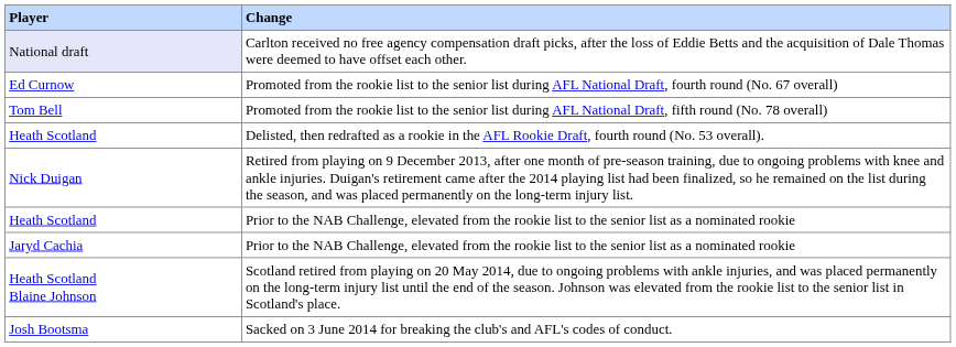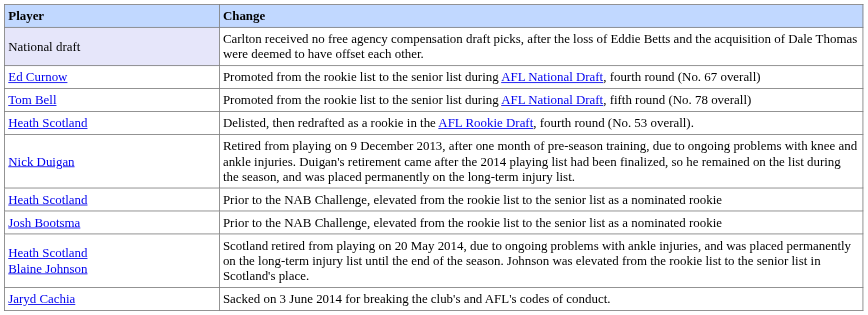 <table border="1" cellpadding="4" cellspacing="0"  style="text-align:left; font-size:95%; border-collapse:collapse; width:80%;">
 <tr style="background:#C1D8FF;">
 <th style="width:25%;">Player</th>
 <th>Change</th>
 </tr>
 <tr>
 <td style="background: lavender;"> National draft</td>
 <td>Carlton received no free agency compensation draft picks, after the loss of Eddie Betts and the acquisition of Dale Thomas were deemed to have offset each other.</td>
 </tr>
 <tr>
 <td> <a href='#'>Ed Curnow</a></td>
 <td>Promoted from the rookie list to the senior list during <a href='#'>AFL National Draft</a>, fourth round (No. 67 overall)</td>
 </tr>
 <tr>
 <td> <a href='#'>Tom Bell</a></td>
 <td>Promoted from the rookie list to the senior list during <a href='#'>AFL National Draft</a>, fifth round (No. 78 overall)</td>
 </tr>
 <tr>
 <td> <a href='#'>Heath Scotland</a></td>
 <td>Delisted, then redrafted as a rookie in the <a href='#'>AFL Rookie Draft</a>, fourth round (No. 53 overall).</td>
 </tr>
 <tr>
 <td> <a href='#'>Nick Duigan</a></td>
 <td>Retired from playing on 9 December 2013, after one month of pre-season training, due to ongoing problems with knee and ankle injuries. Duigan's retirement came after the 2014 playing list had been finalized, so he remained on the list during the season, and was placed permanently on the long-term injury list.</td>
 </tr>
 <tr>
 <td> <a href='#'>Heath Scotland</a></td>
 <td>Prior to the NAB Challenge, elevated from the rookie list to the senior list as a nominated rookie</td>
 </tr>
 <tr>
-<td> <a href='#'>Jaryd Cachia</a></td>
+<td> <a href='#'>Josh Bootsma</a></td>
 <td>Prior to the NAB Challenge, elevated from the rookie list to the senior list as a nominated rookie</td>
 </tr>
 <tr>
 <td> <a href='#'>Heath Scotland</a><br> <a href='#'>Blaine Johnson</a></td>
 <td>Scotland retired from playing on 20 May 2014, due to ongoing problems with ankle injuries, and was placed permanently on the long-term injury list until the end of the season. Johnson was elevated from the rookie list to the senior list in Scotland's place.</td>
 </tr>
 <tr>
-<td> <a href='#'>Josh Bootsma</a></td>
+<td> <a href='#'>Jaryd Cachia</a></td>
 <td>Sacked on 3 June 2014 for breaking the club's and AFL's codes of conduct.</td>
 </tr>
 </table>
